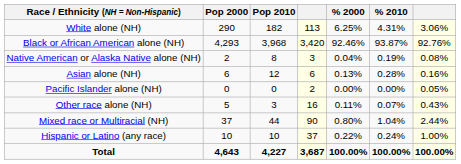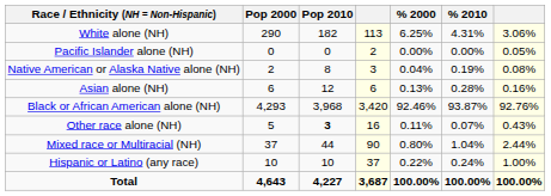 <table class="wikitable" style="text-align:center;">
 <tr>
 <th>Race / Ethnicity <small>(<em>NH = Non-Hispanic</em>)</small></th>
 <th>Pop 2000</th>
 <th>Pop 2010</th>
 <th></th>
 <th>% 2000</th>
 <th>% 2010</th>
 <th></th>
 </tr>
 <tr>
 <td><a href='#'>White</a> alone (NH)</td>
 <td>290</td>
 <td>182</td>
 <td style='background: #ffffe6;'>113</td>
 <td>6.25%</td>
 <td>4.31%</td>
 <td style='background: #ffffe6;'>3.06%</td>
 </tr>
 <tr>
-<td><a href='#'>Black or African American</a> alone (NH)</td>
-<td>4,293</td>
-<td>3,968</td>
-<td style='background: #ffffe6;'>3,420</td>
-<td>92.46%</td>
-<td>93.87%</td>
-<td style='background: #ffffe6;'>92.76%</td>
+<td><a href='#'>Pacific Islander</a> alone (NH)</td>
+<td>0</td>
+<td>0</td>
+<td style='background: #ffffe6;'>2</td>
+<td>0.00%</td>
+<td>0.00%</td>
+<td style='background: #ffffe6;'>0.05%</td>
 </tr>
 <tr>
 <td><a href='#'>Native American</a> or <a href='#'>Alaska Native</a> alone (NH)</td>
 <td>2</td>
 <td>8</td>
 <td style='background: #ffffe6;'>3</td>
 <td>0.04%</td>
 <td>0.19%</td>
 <td style='background: #ffffe6;'>0.08%</td>
 </tr>
 <tr>
 <td><a href='#'>Asian</a> alone (NH)</td>
 <td>6</td>
 <td>12</td>
 <td style='background: #ffffe6;'>6</td>
 <td>0.13%</td>
 <td>0.28%</td>
 <td style='background: #ffffe6;'>0.16%</td>
 </tr>
 <tr>
-<td><a href='#'>Pacific Islander</a> alone (NH)</td>
-<td>0</td>
-<td>0</td>
-<td style='background: #ffffe6;'>2</td>
-<td>0.00%</td>
-<td>0.00%</td>
-<td style='background: #ffffe6;'>0.05%</td>
+<td><a href='#'>Black or African American</a> alone (NH)</td>
+<td>4,293</td>
+<td>3,968</td>
+<td style='background: #ffffe6;'>3,420</td>
+<td>92.46%</td>
+<td>93.87%</td>
+<td style='background: #ffffe6;'>92.76%</td>
 </tr>
 <tr>
 <td><a href='#'>Other race</a> alone (NH)</td>
 <td>5</td>
-<td>3</td>
+<td><strong>3</strong></td>
 <td style='background: #ffffe6;'>16</td>
 <td>0.11%</td>
 <td>0.07%</td>
 <td style='background: #ffffe6;'>0.43%</td>
 </tr>
 <tr>
 <td><a href='#'>Mixed race or Multiracial</a> (NH)</td>
 <td>37</td>
 <td>44</td>
 <td style='background: #ffffe6;'>90</td>
 <td>0.80%</td>
 <td>1.04%</td>
 <td style='background: #ffffe6;'>2.44%</td>
 </tr>
 <tr>
 <td><a href='#'>Hispanic or Latino</a> (any race)</td>
 <td>10</td>
 <td>10</td>
 <td style='background: #ffffe6;'>37</td>
 <td>0.22%</td>
 <td>0.24%</td>
 <td style='background: #ffffe6;'>1.00%</td>
 </tr>
 <tr>
 <td><strong>Total</strong></td>
 <td><strong>4,643</strong></td>
 <td><strong>4,227</strong></td>
 <td style='background: #ffffe6;'><strong>3,687</strong></td>
 <td><strong>100.00%</strong></td>
 <td><strong>100.00%</strong></td>
 <td style='background: #ffffe6;'><strong>100.00%</strong></td>
 </tr>
 </table>
